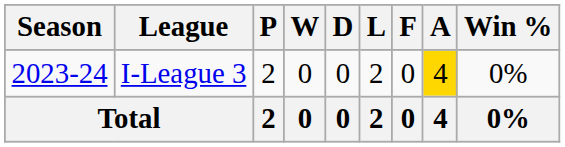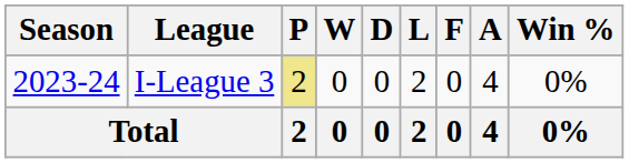 <table class="wikitable" style="text-align: center">
 <tr>
 <th>Season</th>
 <th>League</th>
 <th>P</th>
 <th>W</th>
 <th>D</th>
 <th>L</th>
 <th>F</th>
 <th>A</th>
 <th>Win %</th>
 </tr>
 <tr>
 <td align="left"><a href='#'>2023-24</a></td>
 <td><a href='#'>I-League 3</a></td>
-<td>2</td>
+<td style="background: khaki;">2</td>
 <td>0</td>
 <td>0</td>
 <td>2</td>
 <td>0</td>
-<td style="background: gold;">4</td>
+<td>4</td>
 <td>0%</td>
 </tr>
 <tr>
 <th colspan="2" align="left">Total</th>
 <th>2</th>
 <th>0</th>
 <th>0</th>
 <th>2</th>
 <th>0</th>
 <th>4</th>
 <th>0%</th>
 </tr>
 </table>
